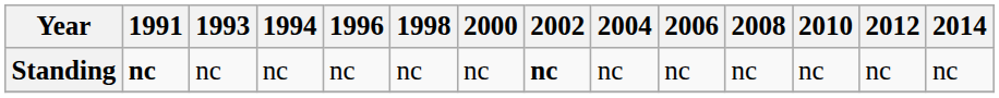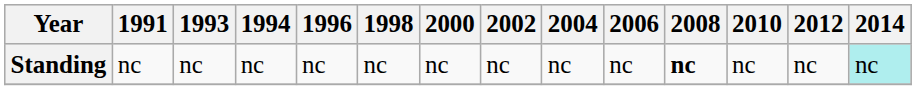 <table class="wikitable">
 <tr>
 <th>Year</th>
 <th>1991</th>
 <th>1993</th>
 <th>1994</th>
 <th>1996</th>
 <th>1998</th>
 <th>2000</th>
 <th>2002</th>
 <th>2004</th>
 <th>2006</th>
 <th>2008</th>
 <th>2010</th>
 <th>2012</th>
 <th>2014</th>
 </tr>
 <tr>
 <th>Standing</th>
-<td><strong>nc</strong></td>
+<td>nc</td>
+<td>nc</td>
+<td>nc</td>
+<td>nc</td>
 <td>nc</td>
 <td>nc</td>
 <td>nc</td>
 <td>nc</td>
 <td>nc</td>
 <td><strong>nc</strong></td>
 <td>nc</td>
 <td>nc</td>
-<td>nc</td>
-<td>nc</td>
-<td>nc</td>
-<td>nc</td>
+<td style="background: paleturquoise;">nc</td>
 </tr>
 <tr>
 </tr>
 </table>
